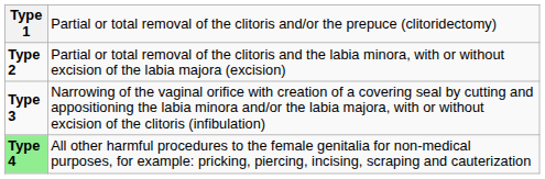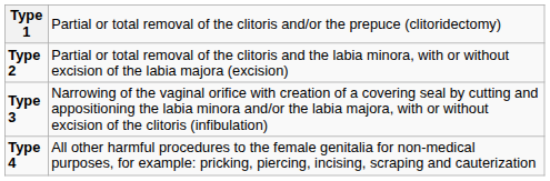 <table class="wikitable mw-collapsible">
 <tr>
 <th>Type 1</th>
 <td>Partial or total removal of the clitoris and/or the prepuce (clitoridectomy)</td>
 </tr>
 <tr>
 <td><strong>Type 2</strong></td>
 <td>Partial or total removal of the clitoris and the labia minora, with or without excision of the labia majora (excision)</td>
 </tr>
 <tr>
 <td><strong>Type 3</strong></td>
 <td>Narrowing of the vaginal orifice with creation of a covering seal by cutting and appositioning the labia minora and/or the labia majora, with or without excision of the clitoris (infibulation)</td>
 </tr>
 <tr>
-<td style="background: lightgreen;"><strong>Type 4</strong></td>
+<td><strong>Type 4</strong></td>
 <td>All other harmful procedures to the female genitalia for non-medical purposes, for example: pricking, piercing, incising, scraping and cauterization</td>
 </tr>
 </table>
